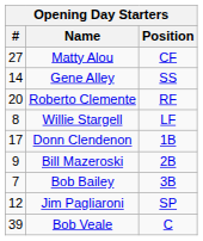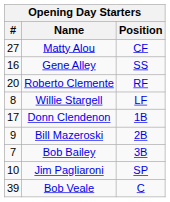 <table class="wikitable" style="text-align:center">
 <tr>
 <th colspan="3">Opening Day Starters</th>
 </tr>
 <tr>
 <th>#</th>
 <th>Name</th>
 <th>Position</th>
 </tr>
 <tr>
 <td>27</td>
 <td><a href='#'>Matty Alou</a></td>
 <td><a href='#'>CF</a></td>
 </tr>
 <tr>
-<td>14</td>
+<td>16</td>
 <td><a href='#'>Gene Alley</a></td>
 <td><a href='#'>SS</a></td>
 </tr>
 <tr>
 <td>20</td>
 <td><a href='#'>Roberto Clemente</a></td>
 <td><a href='#'>RF</a></td>
 </tr>
 <tr>
 <td>8</td>
 <td><a href='#'>Willie Stargell</a></td>
 <td><a href='#'>LF</a></td>
 </tr>
 <tr>
 <td>17</td>
 <td><a href='#'>Donn Clendenon</a></td>
 <td><a href='#'>1B</a></td>
 </tr>
 <tr>
 <td>9</td>
 <td><a href='#'>Bill Mazeroski</a></td>
 <td><a href='#'>2B</a></td>
 </tr>
 <tr>
 <td>7</td>
 <td><a href='#'>Bob Bailey</a></td>
 <td><a href='#'>3B</a></td>
 </tr>
 <tr>
-<td>12</td>
+<td>10</td>
 <td><a href='#'>Jim Pagliaroni</a></td>
 <td><a href='#'>SP</a></td>
 </tr>
 <tr>
 <td>39</td>
 <td><a href='#'>Bob Veale</a></td>
 <td><a href='#'>C</a></td>
 </tr>
 </table>
